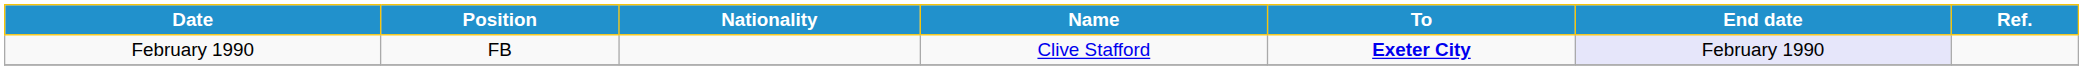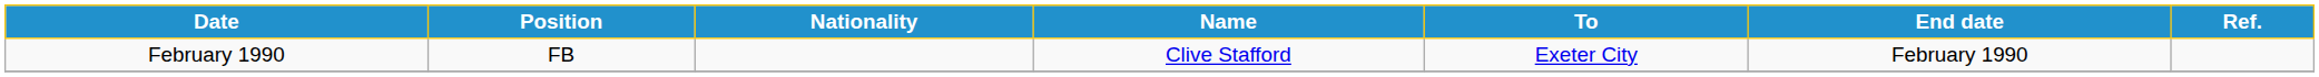 <table class="wikitable" style="text-align:center; font-size:90%; width:100%;">
 <tr>
 <th style="background:#2191CC; color:white; border:1px solid #F7C408; text-align:center;">Date</th>
 <th style="background:#2191CC; color:white; border:1px solid #F7C408; text-align:center;">Position</th>
 <th style="background:#2191CC; color:white; border:1px solid #F7C408; text-align:center;">Nationality</th>
 <th style="background:#2191CC; color:white; border:1px solid #F7C408; text-align:center;">Name</th>
 <th style="background:#2191CC; color:white; border:1px solid #F7C408; text-align:center;">To</th>
 <th style="background:#2191CC; color:white; border:1px solid #F7C408; text-align:center;">End date</th>
 <th style="background:#2191CC; color:white; border:1px solid #F7C408; text-align:center;">Ref.</th>
 </tr>
 <tr>
 <td>February 1990</td>
 <td>FB</td>
 <td></td>
 <td><a href='#'>Clive Stafford</a></td>
-<td><strong> <a href='#'>Exeter City</a></strong></td>
-<td style="background: lavender;">February 1990</td>
+<td> <a href='#'>Exeter City</a></td>
+<td>February 1990</td>
 <td></td>
 </tr>
 <tr>
 </tr>
 </table>
